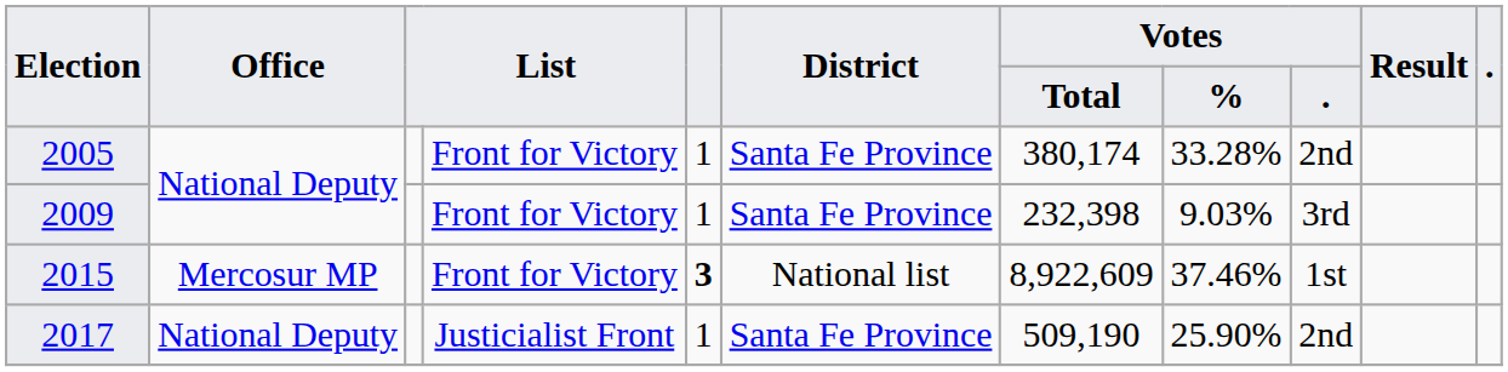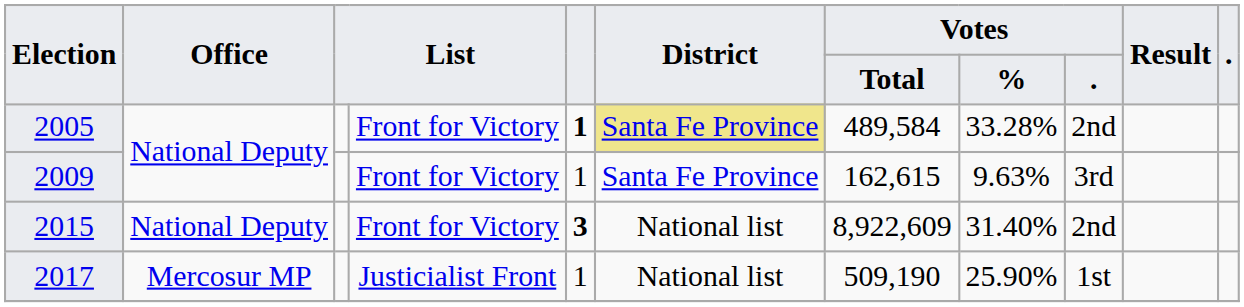 <table class="wikitable" style="font-size:90%; text-align:center;">
 <tr>
 <th style="background-color:#EAECF0;" rowspan=2>Election</th>
 <th style="background-color:#EAECF0;" rowspan=2>Office</th>
 <th style="background-color:#EAECF0;" colspan=2 rowspan=2>List</th>
 <th style="background-color:#EAECF0;" rowspan=2></th>
 <th style="background-color:#EAECF0;" rowspan=2>District</th>
 <th style="background-color:#EAECF0;" colspan=3>Votes</th>
 <th style="background-color:#EAECF0;" rowspan=2>Result</th>
 <th style="background-color:#EAECF0;" rowspan=2>.</th>
 </tr>
 <tr>
 <th style="background-color:#EAECF0;">Total</th>
 <th style="background-color:#EAECF0;">%</th>
 <th style="background-color:#EAECF0;">.</th>
 </tr>
 <tr>
 <td style="background-color:#EAECF0;"><a href='#'>2005</a></td>
 <td rowspan="2"><a href='#'>National Deputy</a></td>
 <td style="background-color:"></td>
 <td><a href='#'>Front for Victory</a></td>
-<td>1</td>
-<td><a href='#'>Santa Fe Province</a></td>
-<td>380,174</td>
+<td><strong>1</strong></td>
+<td style="background: khaki;"><a href='#'>Santa Fe Province</a></td>
+<td>489,584</td>
 <td>33.28%</td>
 <td>2nd</td>
 <td></td>
 <td></td>
 </tr>
 <tr>
 <td style="background-color:#EAECF0;"><a href='#'>2009</a></td>
 <td style="background-color:"></td>
 <td><a href='#'>Front for Victory</a></td>
 <td>1</td>
 <td><a href='#'>Santa Fe Province</a></td>
-<td>232,398</td>
-<td>9.03%</td>
+<td>162,615</td>
+<td>9.63%</td>
 <td>3rd</td>
 <td></td>
 <td></td>
 </tr>
 <tr>
 <td style="background-color:#EAECF0;"><a href='#'>2015</a></td>
-<td><a href='#'>Mercosur MP</a></td>
+<td><a href='#'>National Deputy</a></td>
 <td style="background-color:"></td>
 <td><a href='#'>Front for Victory</a></td>
 <td><strong>3</strong></td>
 <td>National list</td>
 <td>8,922,609</td>
-<td>37.46%</td>
-<td>1st</td>
+<td>31.40%</td>
+<td>2nd</td>
 <td></td>
 <td></td>
 </tr>
 <tr>
 <td style="background-color:#EAECF0;"><a href='#'>2017</a></td>
-<td><a href='#'>National Deputy</a></td>
+<td><a href='#'>Mercosur MP</a></td>
 <td style="background-color:"></td>
 <td><a href='#'>Justicialist Front</a></td>
 <td>1</td>
-<td><a href='#'>Santa Fe Province</a></td>
+<td>National list</td>
 <td>509,190</td>
 <td>25.90%</td>
-<td>2nd</td>
+<td>1st</td>
 <td></td>
 <td></td>
 </tr>
 <tr>
 </tr>
 </table>
